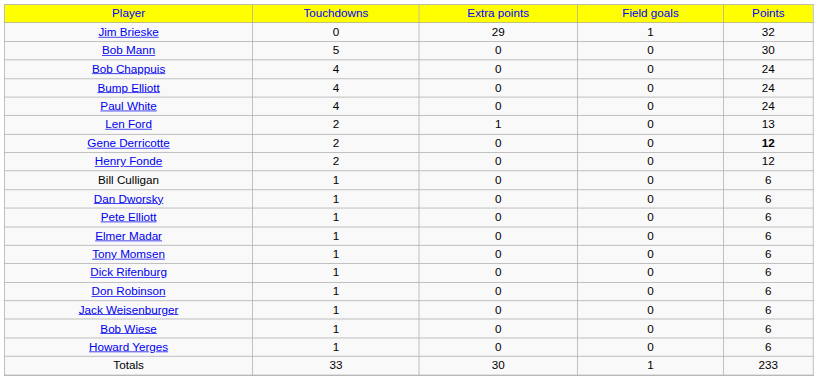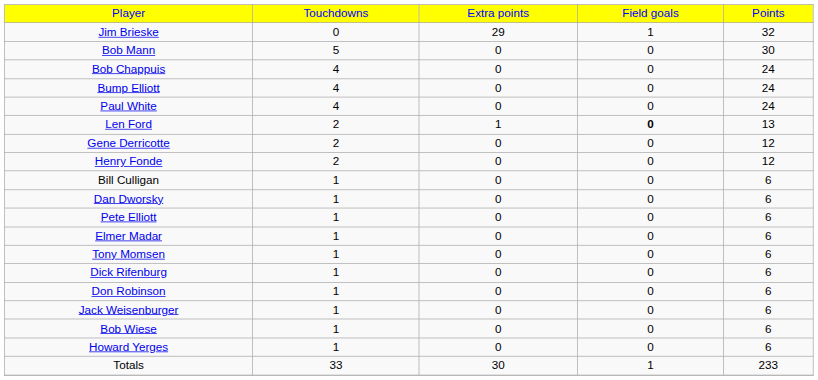 <table class="wikitable" width="70%">
 <tr align="center"  style="background:yellow;color:blue;">
 <td>Player</td>
 <td>Touchdowns</td>
 <td>Extra points</td>
 <td>Field goals</td>
 <td>Points</td>
 </tr>
 <tr align="center" bgcolor="">
 <td><a href='#'>Jim Brieske</a></td>
 <td>0</td>
 <td>29</td>
 <td>1</td>
 <td>32</td>
 </tr>
 <tr align="center" bgcolor="">
 <td><a href='#'>Bob Mann</a></td>
 <td>5</td>
 <td>0</td>
 <td>0</td>
 <td>30</td>
 </tr>
 <tr align="center" bgcolor="">
 <td><a href='#'>Bob Chappuis</a></td>
 <td>4</td>
 <td>0</td>
 <td>0</td>
 <td>24</td>
 </tr>
 <tr align="center" bgcolor="">
 <td><a href='#'>Bump Elliott</a></td>
 <td>4</td>
 <td>0</td>
 <td>0</td>
 <td>24</td>
 </tr>
 <tr align="center" bgcolor="">
 <td><a href='#'>Paul White</a></td>
 <td>4</td>
 <td>0</td>
 <td>0</td>
 <td>24</td>
 </tr>
 <tr align="center" bgcolor="">
 <td><a href='#'>Len Ford</a></td>
 <td>2</td>
 <td>1</td>
-<td>0</td>
+<td><strong>0</strong></td>
 <td>13</td>
 </tr>
 <tr align="center" bgcolor="">
 <td><a href='#'>Gene Derricotte</a></td>
 <td>2</td>
 <td>0</td>
 <td>0</td>
-<td><strong>12</strong></td>
+<td>12</td>
 </tr>
 <tr align="center" bgcolor="">
 <td><a href='#'>Henry Fonde</a></td>
 <td>2</td>
 <td>0</td>
 <td>0</td>
 <td>12</td>
 </tr>
 <tr align="center" bgcolor="">
 <td>Bill Culligan</td>
 <td>1</td>
 <td>0</td>
 <td>0</td>
 <td>6</td>
 </tr>
 <tr align="center" bgcolor="">
 <td><a href='#'>Dan Dworsky</a></td>
 <td>1</td>
 <td>0</td>
 <td>0</td>
 <td>6</td>
 </tr>
 <tr align="center" bgcolor="">
 <td><a href='#'>Pete Elliott</a></td>
 <td>1</td>
 <td>0</td>
 <td>0</td>
 <td>6</td>
 </tr>
 <tr align="center" bgcolor="">
 <td><a href='#'>Elmer Madar</a></td>
 <td>1</td>
 <td>0</td>
 <td>0</td>
 <td>6</td>
 </tr>
 <tr align="center" bgcolor="">
 <td><a href='#'>Tony Momsen</a></td>
 <td>1</td>
 <td>0</td>
 <td>0</td>
 <td>6</td>
 </tr>
 <tr align="center" bgcolor="">
 <td><a href='#'>Dick Rifenburg</a></td>
 <td>1</td>
 <td>0</td>
 <td>0</td>
 <td>6</td>
 </tr>
 <tr align="center" bgcolor="">
 <td><a href='#'>Don Robinson</a></td>
 <td>1</td>
 <td>0</td>
 <td>0</td>
 <td>6</td>
 </tr>
 <tr align="center" bgcolor="">
 <td><a href='#'>Jack Weisenburger</a></td>
 <td>1</td>
 <td>0</td>
 <td>0</td>
 <td>6</td>
 </tr>
 <tr align="center" bgcolor="">
 <td><a href='#'>Bob Wiese</a></td>
 <td>1</td>
 <td>0</td>
 <td>0</td>
 <td>6</td>
 </tr>
 <tr align="center" bgcolor="">
 <td><a href='#'>Howard Yerges</a></td>
 <td>1</td>
 <td>0</td>
 <td>0</td>
 <td>6</td>
 </tr>
 <tr align="center" bgcolor="">
 <td>Totals</td>
 <td>33</td>
 <td>30</td>
 <td>1</td>
 <td>233</td>
 </tr>
 <tr align="center" bgcolor="">
 </tr>
 </table>
